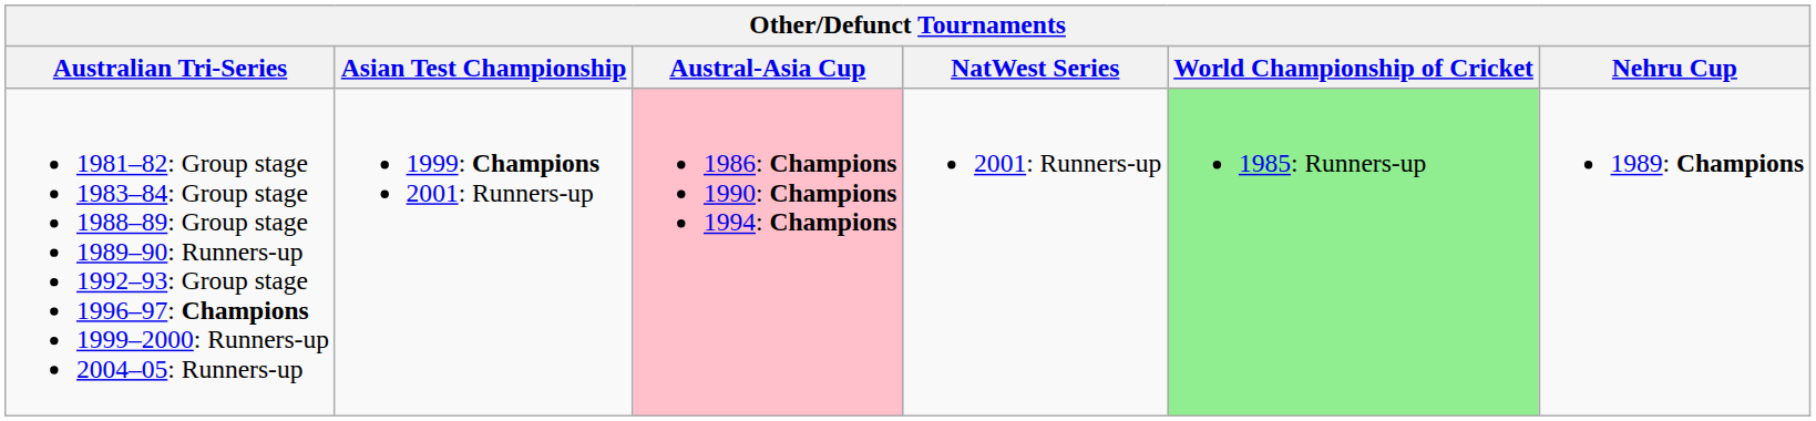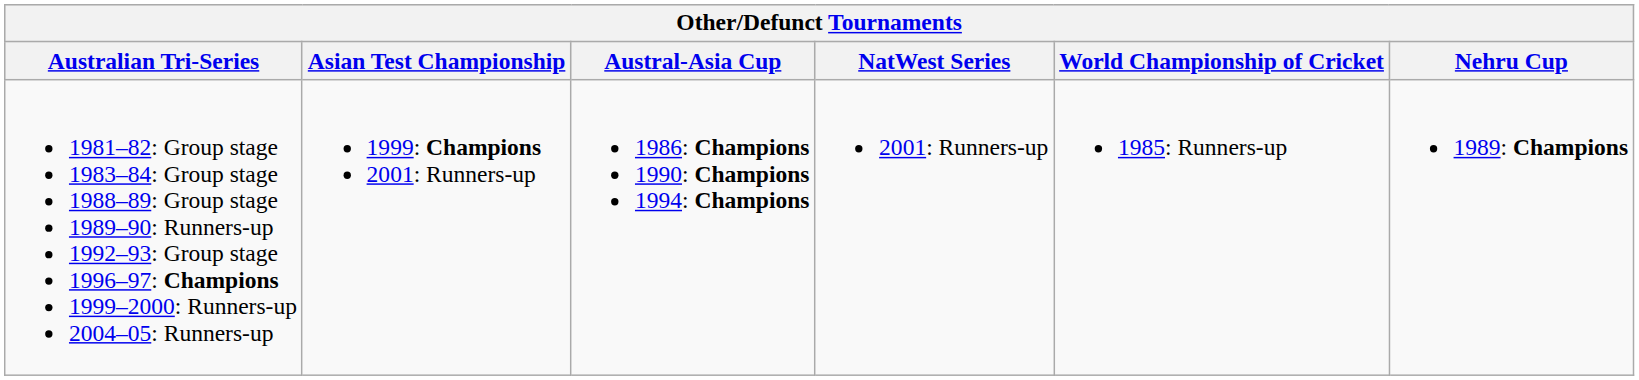 <table class="wikitable">
 <tr style="background:#ccc;">
 <th colspan=6>Other/Defunct <a href='#'>Tournaments</a></th>
 </tr>
 <tr style="background:#ccc;">
 <th><a href='#'>Australian Tri-Series</a></th>
 <th><a href='#'>Asian Test Championship</a></th>
 <th><a href='#'>Austral-Asia Cup</a></th>
 <th><a href='#'>NatWest Series</a></th>
 <th><a href='#'>World Championship of Cricket</a></th>
 <th><a href='#'>Nehru Cup</a></th>
 </tr>
 <tr>
 <td style="vertical-align:top;"><br><ul><li> <a href='#'>1981–82</a>: Group stage</li><li> <a href='#'>1983–84</a>: Group stage</li><li> <a href='#'>1988–89</a>: Group stage</li><li> <a href='#'>1989–90</a>: Runners-up</li><li> <a href='#'>1992–93</a>: Group stage</li><li> <a href='#'>1996–97</a>: <strong>Champions</strong></li><li> <a href='#'>1999–2000</a>: Runners-up</li><li> <a href='#'>2004–05</a>: Runners-up</li></ul></td>
 <td style="vertical-align:top;"><br><ul><li>   <a href='#'>1999</a>: <strong>Champions</strong></li><li>   <a href='#'>2001</a>: Runners-up</li></ul></td>
-<td style="background: pink; vertical-align:top;"><br><ul><li> <a href='#'>1986</a>: <strong>Champions</strong></li><li> <a href='#'>1990</a>: <strong>Champions</strong></li><li> <a href='#'>1994</a>: <strong>Champions</strong></li></ul></td>
+<td style="vertical-align:top;"><br><ul><li> <a href='#'>1986</a>: <strong>Champions</strong></li><li> <a href='#'>1990</a>: <strong>Champions</strong></li><li> <a href='#'>1994</a>: <strong>Champions</strong></li></ul></td>
 <td style="vertical-align:top;"><br><ul><li> <a href='#'>2001</a>: Runners-up</li></ul></td>
-<td style="background: lightgreen; vertical-align:top;"><br><ul><li> <a href='#'>1985</a>: Runners-up</li></ul></td>
+<td style="vertical-align:top;"><br><ul><li> <a href='#'>1985</a>: Runners-up</li></ul></td>
 <td style="vertical-align:top;"><br><ul><li> <a href='#'>1989</a>: <strong>Champions</strong></li></ul></td>
 </tr>
 </table>
